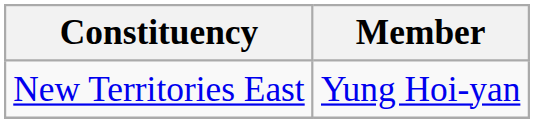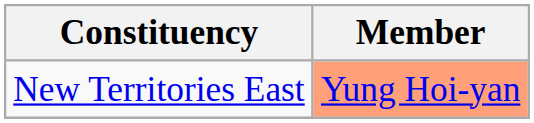 <table class="wikitable" style="text-align:left;">
 <tr>
 <th>Constituency</th>
 <th>Member</th>
 </tr>
 <tr>
 <td><a href='#'>New Territories East</a></td>
-<td><a href='#'>Yung Hoi-yan</a></td>
+<td style="background: lightsalmon;"><a href='#'>Yung Hoi-yan</a></td>
 </tr>
 <tr>
 </tr>
 </table>
